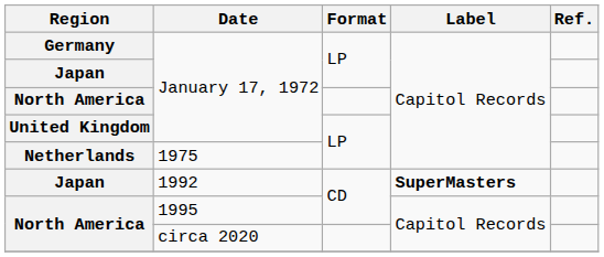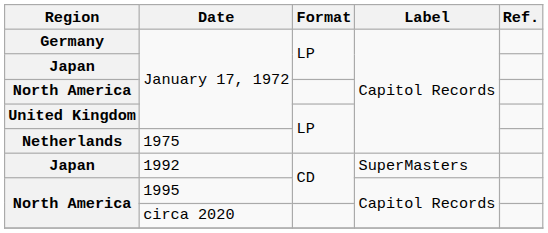 <table class="wikitable plainrowheaders">
 <tr>
 <th scope="col">Region</th>
 <th scope="col">Date</th>
 <th scope="col">Format</th>
 <th scope="col">Label</th>
 <th scope="col">Ref.</th>
 </tr>
 <tr>
 <th scope="row">Germany</th>
 <td rowspan="4">January 17, 1972</td>
 <td rowspan="2">LP</td>
 <td rowspan="5">Capitol Records</td>
 <td></td>
 </tr>
 <tr>
 <th scope="row">Japan</th>
 <td></td>
 </tr>
 <tr>
 <th scope="row">North America</th>
 <td></td>
 <td></td>
 </tr>
 <tr>
 <th scope="row">United Kingdom</th>
 <td rowspan="2">LP</td>
 <td></td>
 </tr>
 <tr>
 <th scope="row">Netherlands</th>
 <td>1975</td>
 <td></td>
 </tr>
 <tr>
 <th scope="row">Japan</th>
 <td>1992</td>
 <td rowspan="2">CD</td>
-<td><strong>SuperMasters</strong></td>
+<td>SuperMasters</td>
 <td></td>
 </tr>
 <tr>
 <th scope="row" rowspan="2">North America</th>
 <td>1995</td>
 <td rowspan="2">Capitol Records</td>
 <td></td>
 </tr>
 <tr>
 <td>circa 2020</td>
 <td></td>
 <td></td>
 </tr>
 <tr>
 </tr>
 </table>
